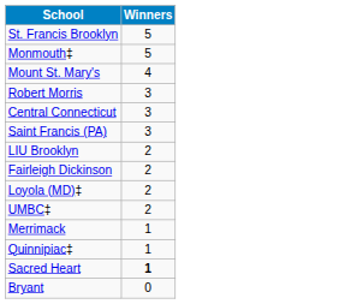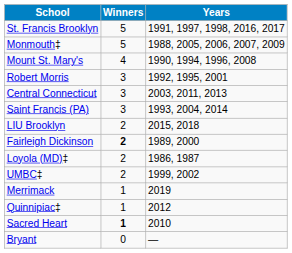 <table class="wikitable sortable">
 <tr>
 <th align="center" style="background:#0081C4; color:#FFFFFF;">School</th>
 <th align="center" style="background:#0081C4; color:#FFFFFF;">Winners</th>
+<th align="center" style="background:#0081C4; color:#FFFFFF;">Years</th>
 </tr>
 <tr>
 <td align=left><a href='#'>St. Francis Brooklyn</a></td>
 <td align=center>5</td>
+<td>1991, 1997, 1998, 2016, 2017</td>
 </tr>
 <tr>
 <td align=left><a href='#'>Monmouth</a>‡</td>
 <td align=center>5</td>
+<td>1988, 2005, 2006, 2007, 2009</td>
 </tr>
 <tr>
 <td align=left><a href='#'>Mount St. Mary's</a></td>
 <td align=center>4</td>
+<td>1990, 1994, 1996, 2008</td>
 </tr>
 <tr>
 <td align=left><a href='#'>Robert Morris</a></td>
 <td align=center>3</td>
+<td>1992, 1995, 2001</td>
 </tr>
 <tr>
 <td align=left><a href='#'>Central Connecticut</a></td>
 <td align=center>3</td>
+<td>2003, 2011, 2013</td>
 </tr>
 <tr>
 <td align=left><a href='#'>Saint Francis (PA)</a></td>
 <td align=center>3</td>
+<td>1993, 2004, 2014</td>
 </tr>
 <tr>
 <td align=left><a href='#'>LIU Brooklyn</a></td>
 <td align=center>2</td>
+<td>2015, 2018</td>
 </tr>
 <tr>
 <td align=left><a href='#'>Fairleigh Dickinson</a></td>
-<td align=center>2</td>
+<td align=center><strong>2</strong></td>
+<td>1989, 2000</td>
 </tr>
 <tr>
 <td align=left><a href='#'>Loyola (MD)</a>‡</td>
 <td align=center>2</td>
+<td>1986, 1987</td>
 </tr>
 <tr>
 <td align=left><a href='#'>UMBC</a>‡</td>
 <td align=center>2</td>
+<td>1999, 2002</td>
 </tr>
 <tr>
 <td align=left><a href='#'>Merrimack</a></td>
 <td align=center>1</td>
+<td>2019</td>
 </tr>
 <tr>
 <td align=left><a href='#'>Quinnipiac</a>‡</td>
 <td align=center>1</td>
+<td>2012</td>
 </tr>
 <tr>
 <td align=left><a href='#'>Sacred Heart</a></td>
 <td align=center><strong>1</strong></td>
+<td>2010</td>
 </tr>
 <tr>
 <td align=left><a href='#'>Bryant</a></td>
 <td align=center>0</td>
+<td>—</td>
 </tr>
 </table>
